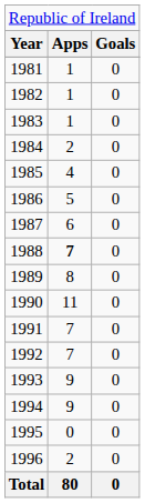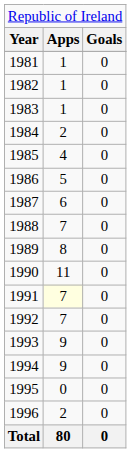 <table class="wikitable" style="text-align:center">
 <tr>
 <td colspan=3><a href='#'>Republic of Ireland</a></td>
 </tr>
 <tr>
 <th>Year</th>
 <th>Apps</th>
 <th>Goals</th>
 </tr>
 <tr>
 </tr>
 <tr>
 <td>1981</td>
 <td>1</td>
 <td>0</td>
 </tr>
 <tr>
 <td>1982</td>
 <td>1</td>
 <td>0</td>
 </tr>
 <tr>
 <td>1983</td>
 <td>1</td>
 <td>0</td>
 </tr>
 <tr>
 <td>1984</td>
 <td>2</td>
 <td>0</td>
 </tr>
 <tr>
 <td>1985</td>
 <td>4</td>
 <td>0</td>
 </tr>
 <tr>
 <td>1986</td>
 <td>5</td>
 <td>0</td>
 </tr>
 <tr>
 <td>1987</td>
 <td>6</td>
 <td>0</td>
 </tr>
 <tr>
 <td>1988</td>
-<td><strong>7</strong></td>
+<td>7</td>
 <td>0</td>
 </tr>
 <tr>
 <td>1989</td>
 <td>8</td>
 <td>0</td>
 </tr>
 <tr>
 <td>1990</td>
 <td>11</td>
 <td>0</td>
 </tr>
 <tr>
 <td>1991</td>
-<td>7</td>
+<td style="background: lightyellow;">7</td>
 <td>0</td>
 </tr>
 <tr>
 <td>1992</td>
 <td>7</td>
 <td>0</td>
 </tr>
 <tr>
 <td>1993</td>
 <td>9</td>
 <td>0</td>
 </tr>
 <tr>
 <td>1994</td>
 <td>9</td>
 <td>0</td>
 </tr>
 <tr>
 <td>1995</td>
 <td>0</td>
 <td>0</td>
 </tr>
 <tr>
 <td>1996</td>
 <td>2</td>
 <td>0</td>
 </tr>
 <tr>
 <th>Total</th>
 <th>80</th>
 <th>0</th>
 </tr>
 </table>
